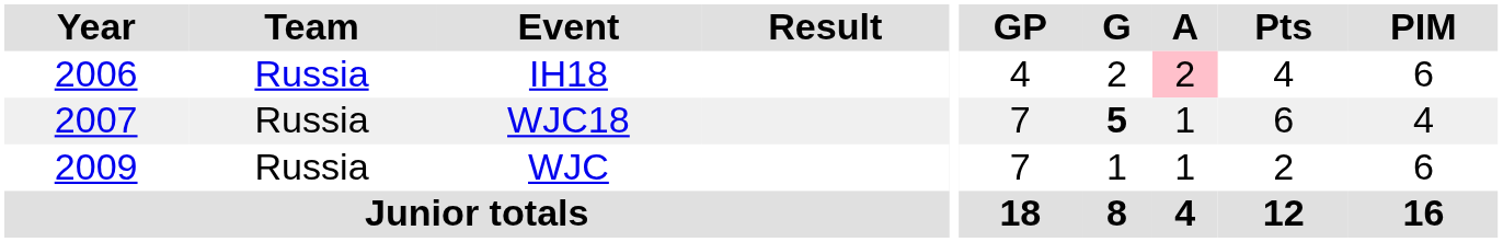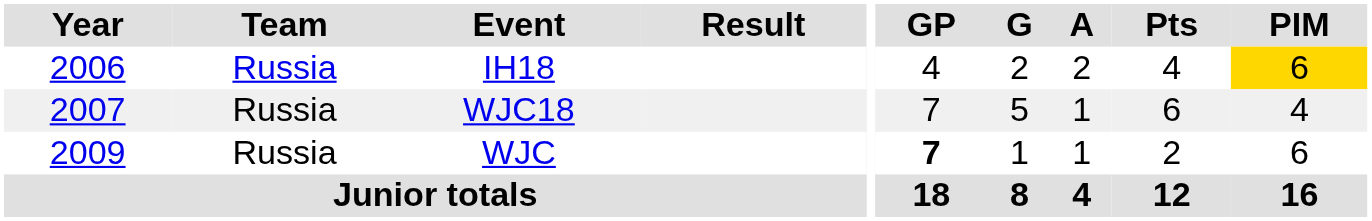 <table border="0" cellpadding="1" cellspacing="0" ID="Table3" style="text-align:center; width:40em">
 <tr ALIGN="center" bgcolor="#e0e0e0">
 <th>Year</th>
 <th>Team</th>
 <th>Event</th>
 <th>Result</th>
 <th rowspan="99" bgcolor="#ffffff"></th>
 <th>GP</th>
 <th>G</th>
 <th>A</th>
 <th>Pts</th>
 <th>PIM</th>
 </tr>
 <tr>
 <td><a href='#'>2006</a></td>
 <td><a href='#'>Russia</a></td>
 <td><a href='#'>IH18</a></td>
 <td></td>
 <td>4</td>
 <td>2</td>
-<td style="background: pink;">2</td>
+<td>2</td>
 <td>4</td>
-<td>6</td>
+<td style="background: gold;">6</td>
 </tr>
 <tr ALIGN="center" bgcolor="#f0f0f0">
 <td><a href='#'>2007</a></td>
 <td>Russia</td>
 <td><a href='#'>WJC18</a></td>
 <td></td>
 <td>7</td>
-<td><strong>5</strong></td>
+<td>5</td>
 <td>1</td>
 <td>6</td>
 <td>4</td>
 </tr>
 <tr ALIGN="center">
 <td><a href='#'>2009</a></td>
 <td>Russia</td>
 <td><a href='#'>WJC</a></td>
 <td></td>
-<td>7</td>
+<td><strong>7</strong></td>
 <td>1</td>
 <td>1</td>
 <td>2</td>
 <td>6</td>
 </tr>
 <tr bgcolor="#e0e0e0">
 <th colspan="4">Junior totals</th>
 <th>18</th>
 <th>8</th>
 <th>4</th>
 <th>12</th>
 <th>16</th>
 </tr>
 </table>
